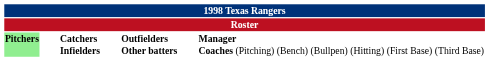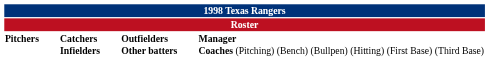 <table class="toccolours" style="font-size: 95%;">
 <tr>
 <th colspan="10" style="background-color: #003279; color: #FFFFFF; text-align: center;">1998 Texas Rangers</th>
 </tr>
 <tr>
 <td colspan="10" style="background-color: #bd1021; color: white; text-align: center;"><strong>Roster</strong></td>
 </tr>
 <tr>
-<td valign="top" style="background: lightgreen;"><strong>Pitchers</strong><br>                    </td>
+<td valign="top"><strong>Pitchers</strong><br>                    </td>
 <td width="25px"></td>
 <td valign="top"><strong>Catchers</strong><br>  <strong>Infielders</strong>          </td>
 <td width="25px"></td>
 <td valign="top"><strong>Outfielders</strong><br>       <strong>Other batters</strong>  </td>
 <td width="25px"></td>
 <td valign="top"><strong>Manager</strong><br> <strong>Coaches</strong>  (Pitching)  (Bench)  (Bullpen)  (Hitting)  (First Base)  (Third Base)</td>
 </tr>
 </table>
